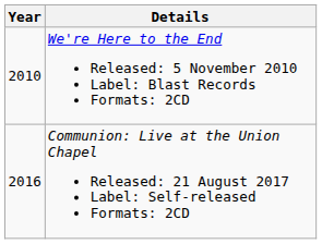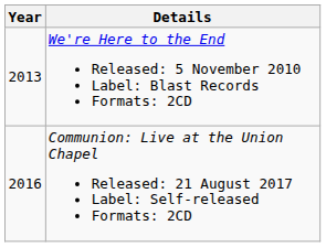 <table class="wikitable">
 <tr>
 <th>Year</th>
 <th style="width:250px;">Details</th>
 </tr>
 <tr>
-<td>2010</td>
+<td>2013</td>
 <td><em><a href='#'>We're Here to the End</a></em><br><ul><li>Released: 5 November 2010</li><li>Label: Blast Records</li><li>Formats: 2CD</li></ul></td>
 </tr>
 <tr>
 <td>2016</td>
 <td><em>Communion: Live at the Union Chapel</em><br><ul><li>Released: 21 August 2017</li><li>Label: Self-released</li><li>Formats: 2CD</li></ul></td>
 </tr>
 </table>
